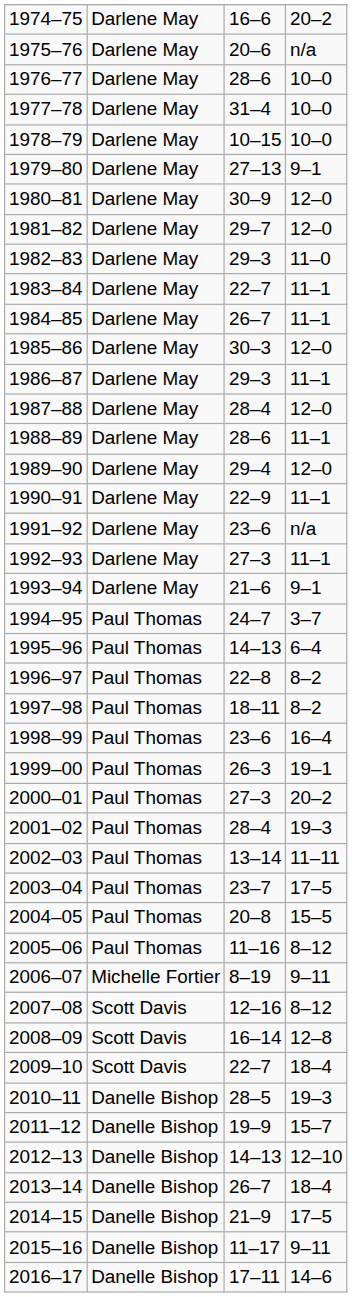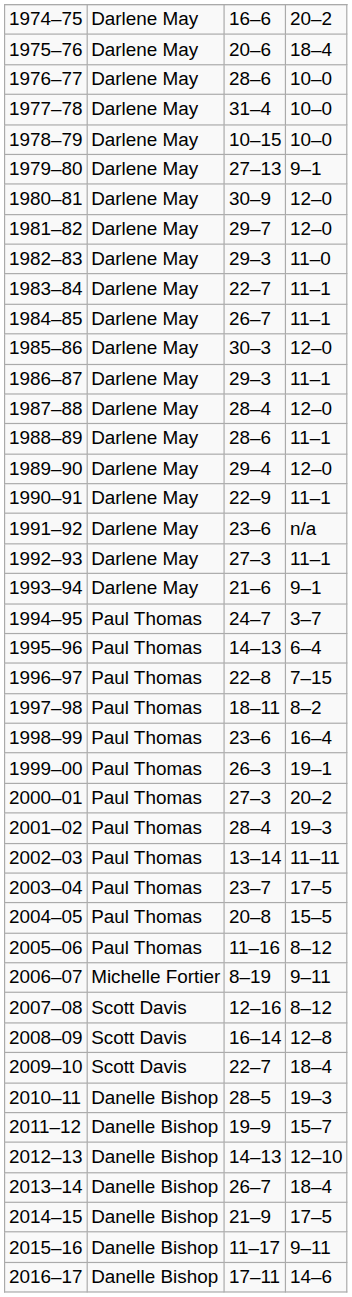 <table class="wikitable" style="text–align:center">
 <tr>
 </tr>
 <tr>
 <td style="text–align:left">1974–75</td>
 <td>Darlene May</td>
 <td>16–6</td>
 <td>20–2</td>
 </tr>
 <tr>
 <td style="text–align:left">1975–76</td>
 <td>Darlene May</td>
 <td>20–6</td>
-<td>n/a</td>
+<td>18–4</td>
 </tr>
 <tr>
 <td style="text–align:left">1976–77</td>
 <td>Darlene May</td>
 <td>28–6</td>
 <td>10–0</td>
 </tr>
 <tr>
 <td style="text–align:left">1977–78</td>
 <td>Darlene May</td>
 <td>31–4</td>
 <td>10–0</td>
 </tr>
 <tr>
 <td style="text–align:left">1978–79</td>
 <td>Darlene May</td>
 <td>10–15</td>
 <td>10–0</td>
 </tr>
 <tr>
 <td style="text–align:left">1979–80</td>
 <td>Darlene May</td>
 <td>27–13</td>
 <td>9–1</td>
 </tr>
 <tr>
 <td style="text–align:left">1980–81</td>
 <td>Darlene May</td>
 <td>30–9</td>
 <td>12–0</td>
 </tr>
 <tr>
 <td style="text–align:left">1981–82</td>
 <td>Darlene May</td>
 <td>29–7</td>
 <td>12–0</td>
 </tr>
 <tr>
 <td style="text–align:left">1982–83</td>
 <td>Darlene May</td>
 <td>29–3</td>
 <td>11–0</td>
 </tr>
 <tr>
 <td style="text–align:left">1983–84</td>
 <td>Darlene May</td>
 <td>22–7</td>
 <td>11–1</td>
 </tr>
 <tr>
 <td style="text–align:left">1984–85</td>
 <td>Darlene May</td>
 <td>26–7</td>
 <td>11–1</td>
 </tr>
 <tr>
 <td style="text–align:left">1985–86</td>
 <td>Darlene May</td>
 <td>30–3</td>
 <td>12–0</td>
 </tr>
 <tr>
 <td style="text–align:left">1986–87</td>
 <td>Darlene May</td>
 <td>29–3</td>
 <td>11–1</td>
 </tr>
 <tr>
 <td style="text–align:left">1987–88</td>
 <td>Darlene May</td>
 <td>28–4</td>
 <td>12–0</td>
 </tr>
 <tr>
 <td style="text–align:left">1988–89</td>
 <td>Darlene May</td>
 <td>28–6</td>
 <td>11–1</td>
 </tr>
 <tr>
 <td style="text–align:left">1989–90</td>
 <td>Darlene May</td>
 <td>29–4</td>
 <td>12–0</td>
 </tr>
 <tr>
 <td style="text–align:left">1990–91</td>
 <td>Darlene May</td>
 <td>22–9</td>
 <td>11–1</td>
 </tr>
 <tr>
 <td style="text–align:left">1991–92</td>
 <td>Darlene May</td>
 <td>23–6</td>
 <td>n/a</td>
 </tr>
 <tr>
 <td style="text–align:left">1992–93</td>
 <td>Darlene May</td>
 <td>27–3</td>
 <td>11–1</td>
 </tr>
 <tr>
 <td style="text–align:left">1993–94</td>
 <td>Darlene May</td>
 <td>21–6</td>
 <td>9–1</td>
 </tr>
 <tr>
 <td style="text–align:left">1994–95</td>
 <td>Paul Thomas</td>
 <td>24–7</td>
 <td>3–7</td>
 </tr>
 <tr>
 <td style="text–align:left">1995–96</td>
 <td>Paul Thomas</td>
 <td>14–13</td>
 <td>6–4</td>
 </tr>
 <tr>
 <td style="text–align:left">1996–97</td>
 <td>Paul Thomas</td>
 <td>22–8</td>
-<td>8–2</td>
+<td>7–15</td>
 </tr>
 <tr>
 <td style="text–align:left">1997–98</td>
 <td>Paul Thomas</td>
 <td>18–11</td>
 <td>8–2</td>
 </tr>
 <tr>
 <td style="text–align:left">1998–99</td>
 <td>Paul Thomas</td>
 <td>23–6</td>
 <td>16–4</td>
 </tr>
 <tr>
 <td style="text–align:left">1999–00</td>
 <td>Paul Thomas</td>
 <td>26–3</td>
 <td>19–1</td>
 </tr>
 <tr>
 <td style="text–align:left">2000–01</td>
 <td>Paul Thomas</td>
 <td>27–3</td>
 <td>20–2</td>
 </tr>
 <tr>
 <td style="text–align:left">2001–02</td>
 <td>Paul Thomas</td>
 <td>28–4</td>
 <td>19–3</td>
 </tr>
 <tr>
 <td style="text–align:left">2002–03</td>
 <td>Paul Thomas</td>
 <td>13–14</td>
 <td>11–11</td>
 </tr>
 <tr>
 <td style="text–align:left">2003–04</td>
 <td>Paul Thomas</td>
 <td>23–7</td>
 <td>17–5</td>
 </tr>
 <tr>
 <td style="text–align:left">2004–05</td>
 <td>Paul Thomas</td>
 <td>20–8</td>
 <td>15–5</td>
 </tr>
 <tr>
 <td style="text–align:left">2005–06</td>
 <td>Paul Thomas</td>
 <td>11–16</td>
 <td>8–12</td>
 </tr>
 <tr>
 <td style="text–align:left">2006–07</td>
 <td>Michelle Fortier</td>
 <td>8–19</td>
 <td>9–11</td>
 </tr>
 <tr>
 <td style="text–align:left">2007–08</td>
 <td>Scott Davis</td>
 <td>12–16</td>
 <td>8–12</td>
 </tr>
 <tr>
 <td style="text–align:left">2008–09</td>
 <td>Scott Davis</td>
 <td>16–14</td>
 <td>12–8</td>
 </tr>
 <tr>
 <td style="text–align:left">2009–10</td>
 <td>Scott Davis</td>
 <td>22–7</td>
 <td>18–4</td>
 </tr>
 <tr>
 <td style="text–align:left">2010–11</td>
 <td>Danelle Bishop</td>
 <td>28–5</td>
 <td>19–3</td>
 </tr>
 <tr>
 <td style="text–align:left">2011–12</td>
 <td>Danelle Bishop</td>
 <td>19–9</td>
 <td>15–7</td>
 </tr>
 <tr>
 <td style="text–align:left">2012–13</td>
 <td>Danelle Bishop</td>
 <td>14–13</td>
 <td>12–10</td>
 </tr>
 <tr>
 <td style="text–align:left">2013–14</td>
 <td>Danelle Bishop</td>
 <td>26–7</td>
 <td>18–4</td>
 </tr>
 <tr>
 <td style="text–align:left">2014–15</td>
 <td>Danelle Bishop</td>
 <td>21–9</td>
 <td>17–5</td>
 </tr>
 <tr>
 <td style="text–align:left">2015–16</td>
 <td>Danelle Bishop</td>
 <td>11–17</td>
 <td>9–11</td>
 </tr>
 <tr>
 <td style="text–align:left">2016–17</td>
 <td>Danelle Bishop</td>
 <td>17–11</td>
 <td>14–6</td>
 </tr>
 </table>
